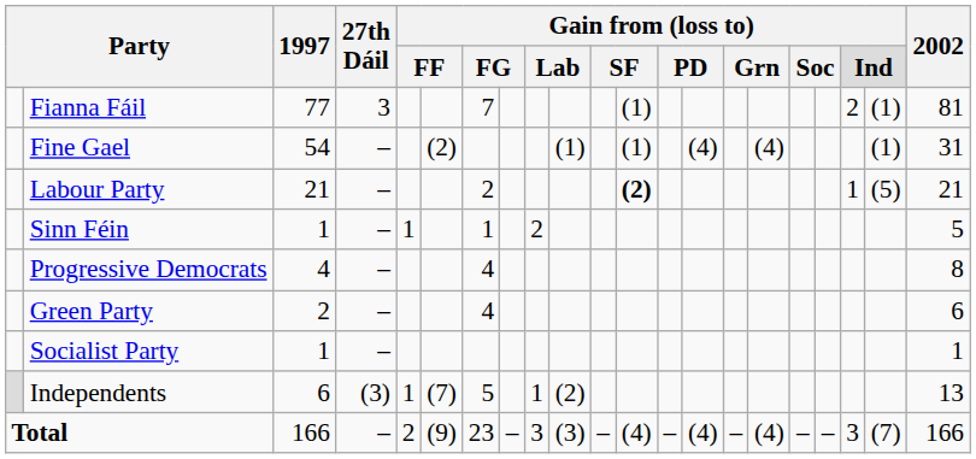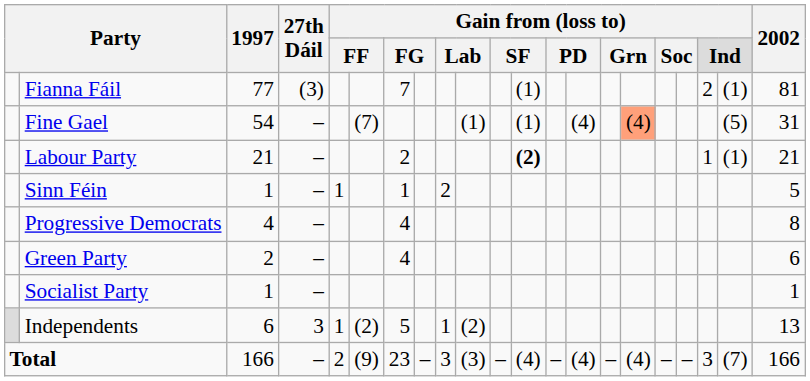 <table class="wikitable" style="text-align:right">
 <tr>
 <th rowspan="2" colspan="2">Party</th>
 <th rowspan="2">1997</th>
 <th rowspan="2">27th<br>Dáil</th>
 <th colspan="16">Gain from (loss to)</th>
 <th rowspan="2">2002</th>
 </tr>
 <tr>
 <th colspan="2" style="background:">FF</th>
 <th colspan="2" style="background:">FG</th>
 <th colspan="2" style="background:">Lab</th>
 <th colspan="2" style="background:">SF</th>
 <th colspan="2" style="background:">PD</th>
 <th colspan="2" style="background:">Grn</th>
 <th colspan="2" style="background:">Soc</th>
 <th colspan="2" style="background:#DCDCDC;">Ind</th>
 </tr>
 <tr>
 <td style="background:"></td>
 <td style="text-align:left;"><a href='#'>Fianna Fáil</a></td>
 <td>77</td>
-<td>3</td>
+<td>(3)</td>
 <td></td>
 <td></td>
 <td>7</td>
 <td></td>
 <td></td>
 <td></td>
 <td></td>
 <td>(1)</td>
 <td></td>
 <td></td>
 <td></td>
 <td></td>
 <td></td>
 <td></td>
 <td>2</td>
 <td>(1)</td>
 <td>81</td>
 </tr>
 <tr>
 <td style="background:"> </td>
 <td style="text-align:left;"><a href='#'>Fine Gael</a></td>
 <td>54</td>
 <td>–</td>
 <td></td>
-<td>(2)</td>
+<td>(7)</td>
 <td></td>
 <td></td>
 <td></td>
 <td>(1)</td>
 <td></td>
 <td>(1)</td>
 <td></td>
 <td>(4)</td>
 <td></td>
-<td>(4)</td>
+<td style="background: lightsalmon;">(4)</td>
 <td></td>
 <td></td>
 <td></td>
-<td>(1)</td>
+<td>(5)</td>
 <td>31</td>
 </tr>
 <tr>
 <td style="background:"> </td>
 <td style="text-align:left;"><a href='#'>Labour Party</a></td>
 <td>21</td>
 <td>–</td>
 <td></td>
 <td></td>
 <td>2</td>
 <td></td>
 <td></td>
 <td></td>
 <td></td>
 <td><strong>(2)</strong></td>
 <td></td>
 <td></td>
 <td></td>
 <td></td>
 <td></td>
 <td></td>
 <td>1</td>
-<td>(5)</td>
+<td>(1)</td>
 <td>21</td>
 </tr>
 <tr>
 <td style="background:"> </td>
 <td style="text-align:left;"><a href='#'>Sinn Féin</a></td>
 <td>1</td>
 <td>–</td>
 <td>1</td>
 <td></td>
 <td>1</td>
 <td></td>
 <td>2</td>
 <td></td>
 <td></td>
 <td></td>
 <td></td>
 <td></td>
 <td></td>
 <td></td>
 <td></td>
 <td></td>
 <td></td>
 <td></td>
 <td>5</td>
 </tr>
 <tr>
 <td style="background:"> </td>
 <td style="text-align:left;"><a href='#'>Progressive Democrats</a></td>
 <td>4</td>
 <td>–</td>
 <td></td>
 <td></td>
 <td>4</td>
 <td></td>
 <td></td>
 <td></td>
 <td></td>
 <td></td>
 <td></td>
 <td></td>
 <td></td>
 <td></td>
 <td></td>
 <td></td>
 <td></td>
 <td></td>
 <td>8</td>
 </tr>
 <tr>
 <td style="background:"> </td>
 <td style="text-align:left;"><a href='#'>Green Party</a></td>
 <td>2</td>
 <td>–</td>
 <td></td>
 <td></td>
 <td>4</td>
 <td></td>
 <td></td>
 <td></td>
 <td></td>
 <td></td>
 <td></td>
 <td></td>
 <td></td>
 <td></td>
 <td></td>
 <td></td>
 <td></td>
 <td></td>
 <td>6</td>
 </tr>
 <tr>
 <td style="background:"> </td>
 <td style="text-align:left;"><a href='#'>Socialist Party</a></td>
 <td>1</td>
 <td>–</td>
 <td></td>
 <td></td>
 <td></td>
 <td></td>
 <td></td>
 <td></td>
 <td></td>
 <td></td>
 <td></td>
 <td></td>
 <td></td>
 <td></td>
 <td></td>
 <td></td>
 <td></td>
 <td></td>
 <td>1</td>
 </tr>
 <tr>
 <td style="background:#DCDCDC;"> </td>
 <td style="text-align:left;">Independents</td>
 <td>6</td>
-<td>(3)</td>
+<td>3</td>
 <td>1</td>
-<td>(7)</td>
+<td>(2)</td>
 <td>5</td>
 <td></td>
 <td>1</td>
 <td>(2)</td>
 <td></td>
 <td></td>
 <td></td>
 <td></td>
 <td></td>
 <td></td>
 <td></td>
 <td></td>
 <td></td>
 <td></td>
 <td>13</td>
 </tr>
 <tr>
 <td colspan="2" style="text-align:left;"><strong>Total</strong></td>
 <td>166</td>
 <td>–</td>
 <td>2</td>
 <td>(9)</td>
 <td>23</td>
 <td>–</td>
 <td>3</td>
 <td>(3)</td>
 <td>–</td>
 <td>(4)</td>
 <td>–</td>
 <td>(4)</td>
 <td>–</td>
 <td>(4)</td>
 <td>–</td>
 <td>–</td>
 <td>3</td>
 <td>(7)</td>
 <td>166</td>
 </tr>
 </table>
